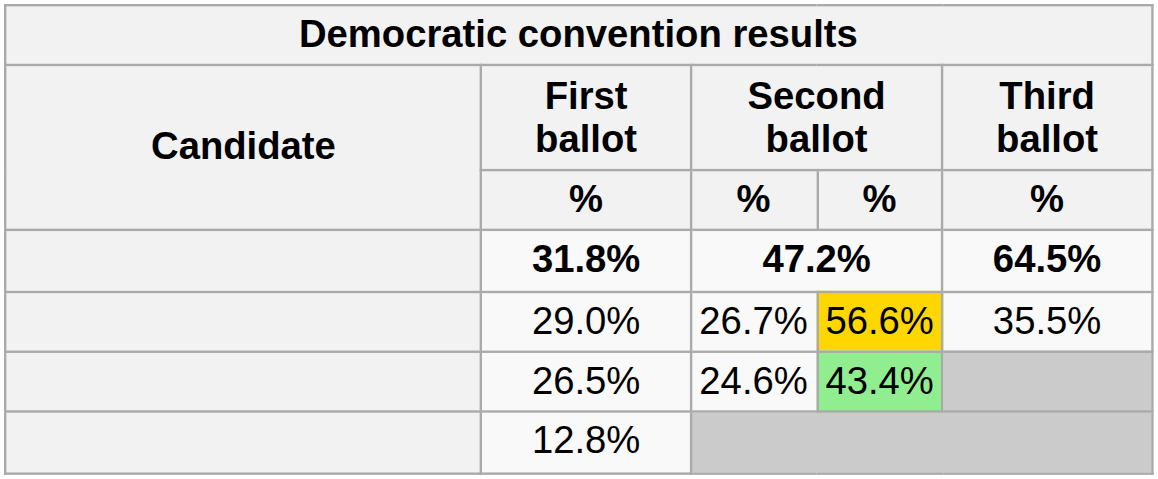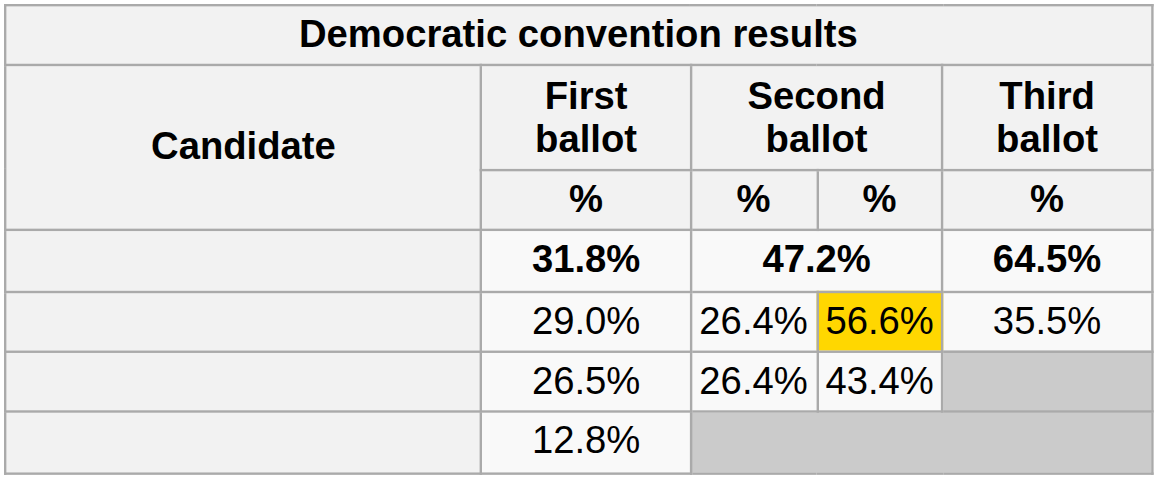 <table class="wikitable sortable plainrowheaders">
 <tr>
 <th colspan="13" >Democratic convention results</th>
 </tr>
 <tr style="background:#eee; text-align:center;">
 <th scope="col" style="width: 12em" rowspan=2>Candidate</th>
 <th scope="col" style="width: 5em">First ballot</th>
 <th scope="col" style="width: 5em" colspan=2>Second ballot</th>
 <th scope="col" style="width: 5em">Third ballot</th>
 </tr>
 <tr>
 <th>%</th>
 <th>%</th>
 <th>%</th>
 <th>%</th>
 </tr>
 <tr>
 <th scope="row"><strong></strong></th>
 <td style="text-align:center;"><strong>31.8%</strong></td>
 <td style="text-align:center;" colspan=2><strong>47.2%</strong></td>
 <td style="text-align:center;"><strong>64.5%</strong></td>
 </tr>
 <tr>
 <th scope="row"></th>
 <td style="text-align:center;">29.0%</td>
-<td style="text-align:center;">26.7%</td>
+<td style="text-align:center;">26.4%</td>
 <td style="background: gold; text-align:center;">56.6%</td>
 <td style="text-align:center;">35.5%</td>
 </tr>
 <tr>
 <th scope="row"></th>
 <td style="text-align:center;">26.5%</td>
-<td style="text-align:center;">24.6%</td>
-<td style="background: lightgreen; text-align:center;">43.4%</td>
+<td style="text-align:center;">26.4%</td>
+<td style="text-align:center;">43.4%</td>
 <td colspan=2 style="text-align:center; background:#cbcbcb"></td>
 </tr>
 <tr>
 <th scope="row"></th>
 <td style="text-align:center;">12.8%</td>
 <td colspan=4 style="text-align:center; background:#cbcbcb"></td>
 </tr>
 </table>
